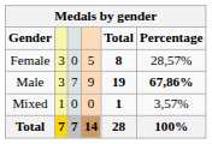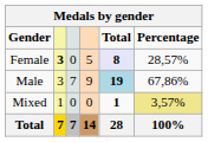 <table class="wikitable" style="font-size:85%">
 <tr style="background:#efefef;">
 <th colspan=7><strong>Medals by gender</strong></th>
 </tr>
 <tr style="text-align:center">
 <td><strong>Gender</strong></td>
 <td style="background:#f7f6a8"></td>
 <td style="background:#dce5e5"></td>
 <td style="background:#ffdab9"></td>
 <td><strong>Total</strong></td>
 <td><strong>Percentage</strong></td>
 </tr>
 <tr style="text-align:center">
 <td>Female</td>
-<td style="background:#F7F6A8;">3</td>
+<td style="background:#F7F6A8;"><strong>3</strong></td>
 <td style="background:#DCE5E5;">0</td>
 <td style="background:#FFDAB9;">5</td>
-<td><strong>8</strong></td>
+<td style="background: lavender;"><strong>8</strong></td>
 <td>28,57%</td>
 </tr>
 <tr style="text-align:center">
 <td>Male</td>
 <td style="background:#F7F6A8;">3</td>
 <td style="background:#DCE5E5;">7</td>
 <td style="background:#FFDAB9;">9</td>
-<td><strong>19</strong></td>
-<td><strong>67,86%</strong></td>
+<td style="background: lightblue;"><strong>19</strong></td>
+<td>67,86%</td>
 </tr>
 <tr style="text-align:center">
 <td>Mixed</td>
 <td style="background:#F7F6A8;">1</td>
 <td style="background:#DCE5E5;">0</td>
 <td style="background:#FFDAB9;">0</td>
 <td><strong>1</strong></td>
-<td>3,57%</td>
+<td style="background: khaki;">3,57%</td>
 </tr>
 <tr style="text-align:center">
 <th><strong>Total</strong></th>
 <th style="background:gold;"><strong>7</strong></th>
 <th style="background:silver;"><strong>7</strong></th>
 <th style="background:#c96;"><strong>14</strong></th>
 <th><strong>28</strong></th>
 <th><strong>100%</strong></th>
 </tr>
 </table>
